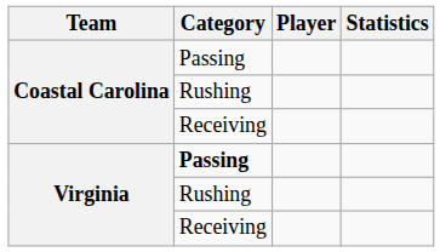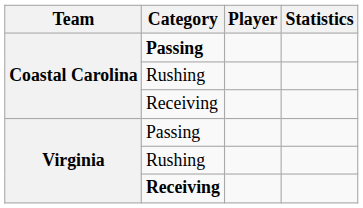 <table class="wikitable" style="float:right">
 <tr>
 <th>Team</th>
 <th>Category</th>
 <th>Player</th>
 <th>Statistics</th>
 </tr>
 <tr>
 <th rowspan=3>Coastal Carolina</th>
-<td>Passing</td>
+<td><strong>Passing</strong></td>
 <td></td>
 <td></td>
 </tr>
 <tr>
 <td>Rushing</td>
 <td></td>
 <td></td>
 </tr>
 <tr>
 <td>Receiving</td>
 <td></td>
 <td></td>
 </tr>
 <tr>
 <th rowspan=3>Virginia</th>
-<td><strong>Passing</strong></td>
+<td>Passing</td>
 <td></td>
 <td></td>
 </tr>
 <tr>
 <td>Rushing</td>
 <td></td>
 <td></td>
 </tr>
 <tr>
-<td>Receiving</td>
+<td><strong>Receiving</strong></td>
 <td></td>
 <td></td>
 </tr>
 </table>
